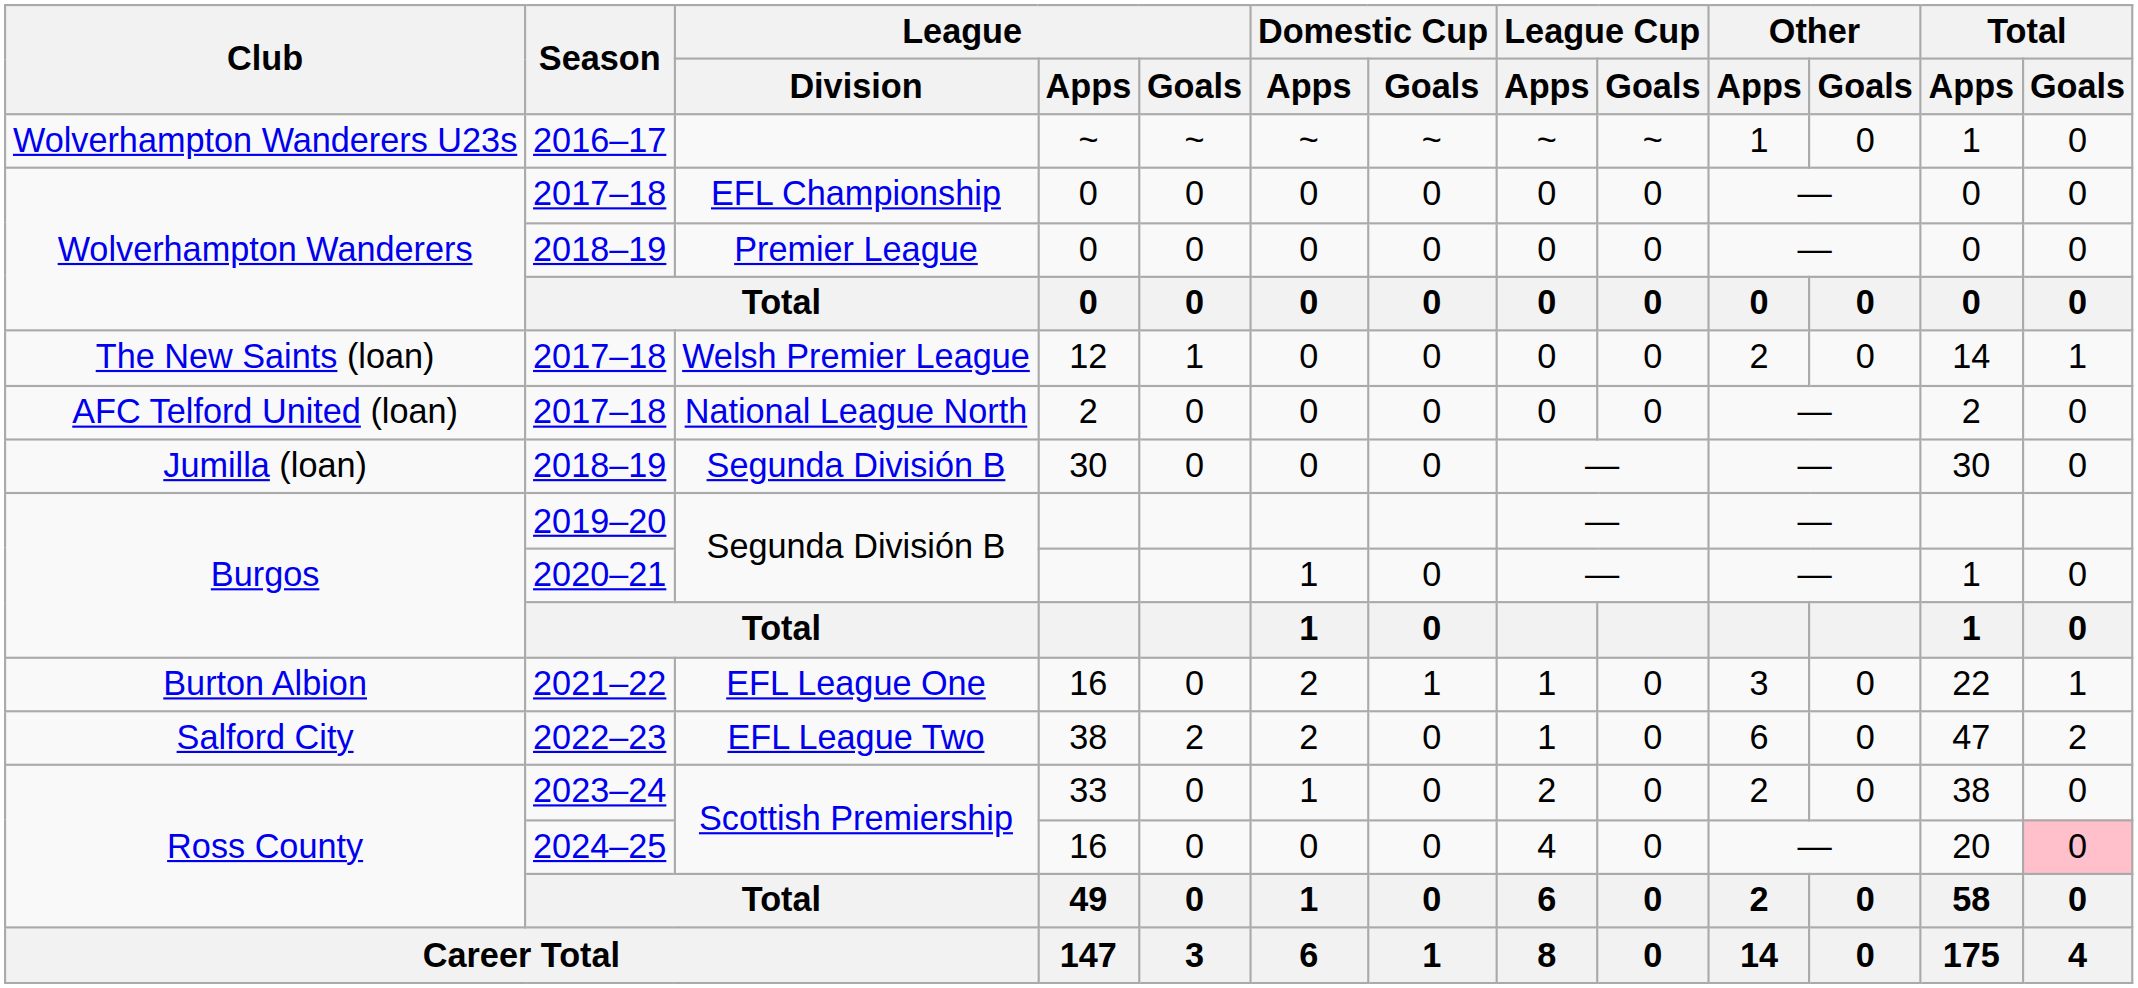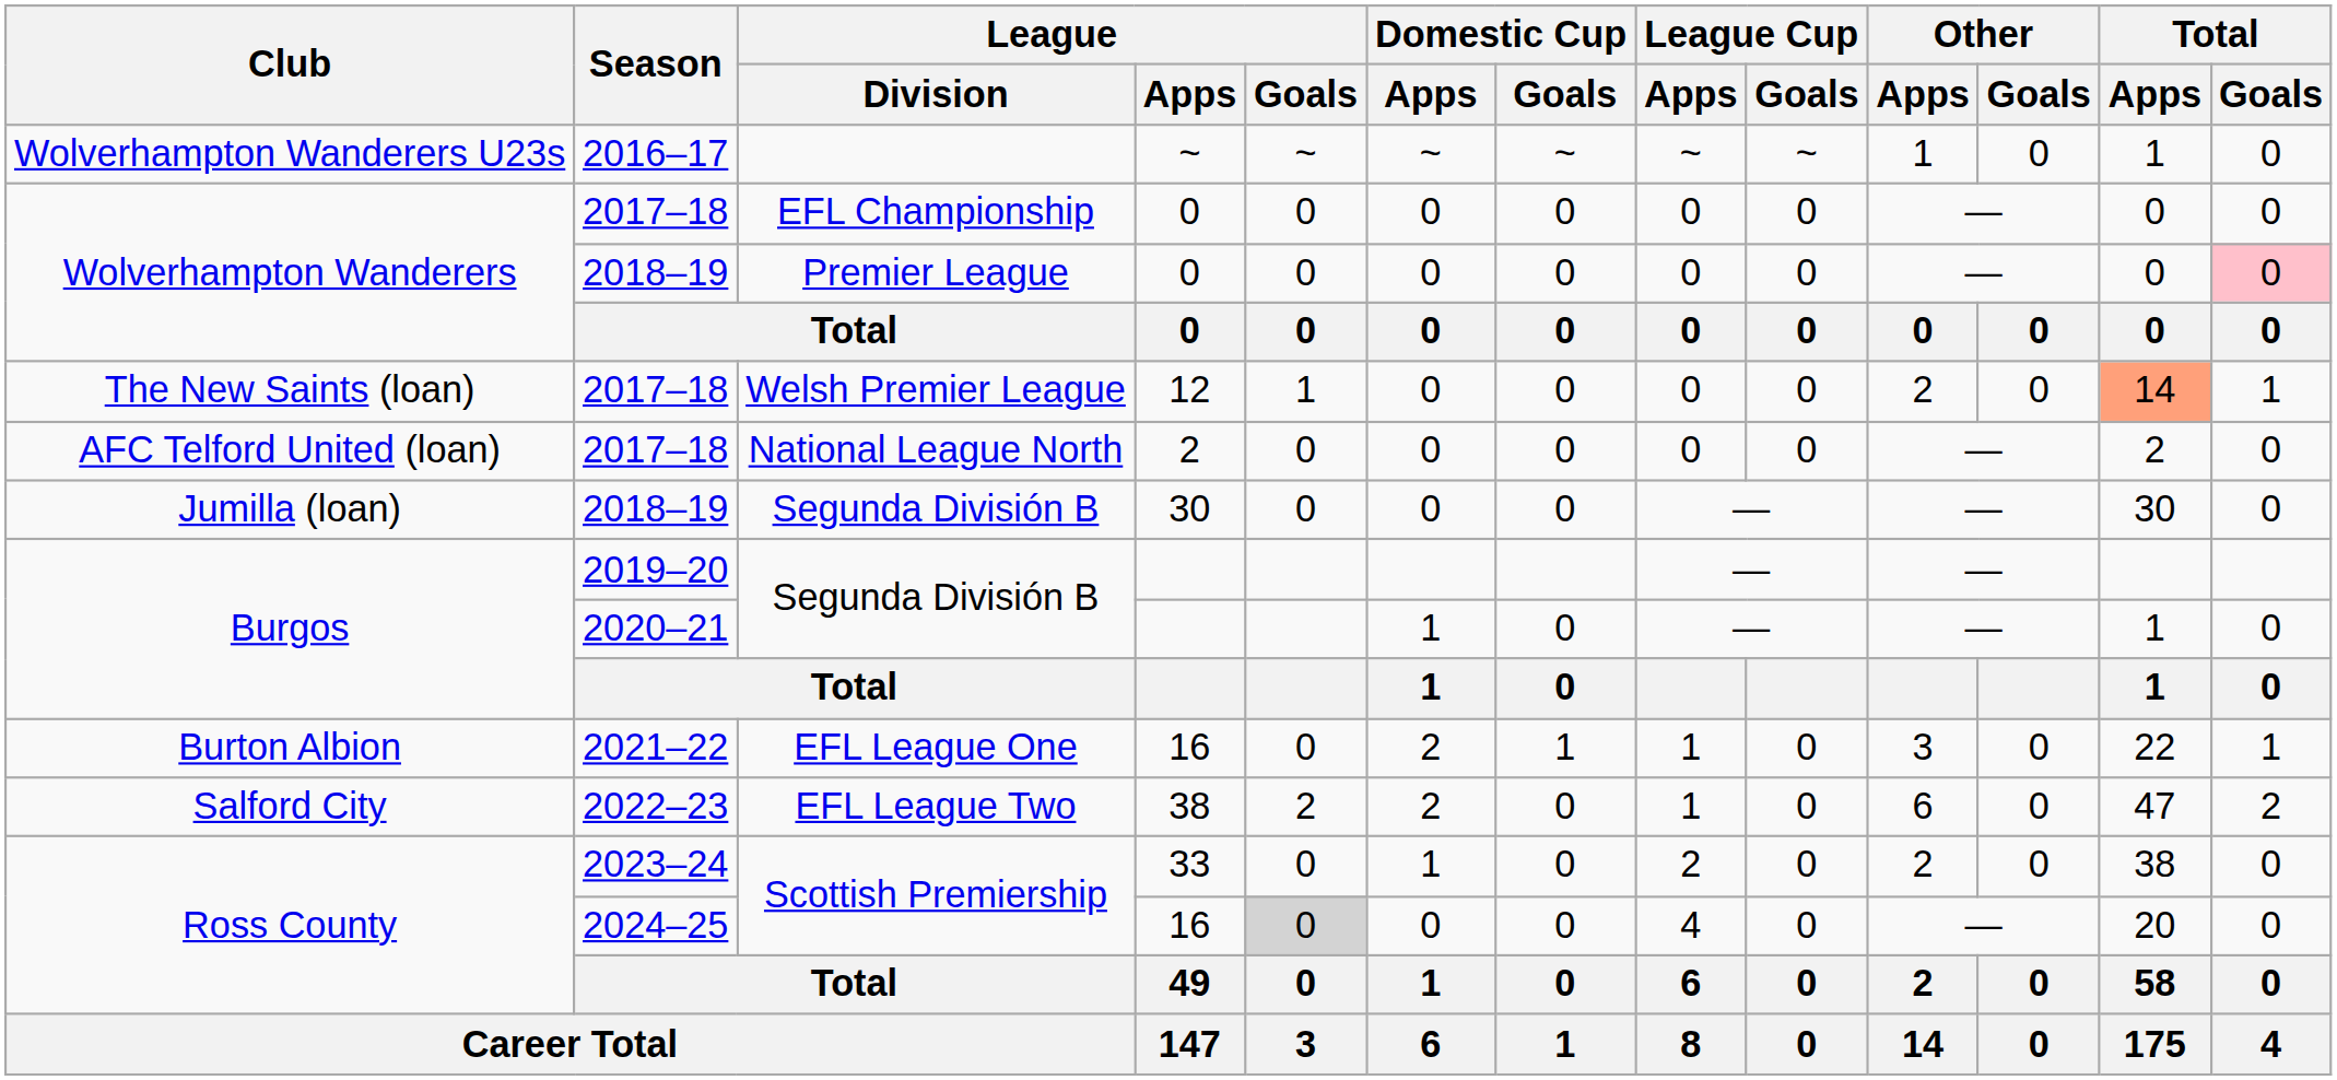 <table class="wikitable" style="text-align: center">
 <tr>
 <th rowspan=2>Club</th>
 <th rowspan=2>Season</th>
 <th colspan=3>League</th>
 <th colspan=2>Domestic Cup</th>
 <th colspan=2>League Cup</th>
 <th colspan=2>Other</th>
 <th colspan=2>Total</th>
 </tr>
 <tr>
 <th>Division</th>
 <th>Apps</th>
 <th>Goals</th>
 <th>Apps</th>
 <th>Goals</th>
 <th>Apps</th>
 <th>Goals</th>
 <th>Apps</th>
 <th>Goals</th>
 <th>Apps</th>
 <th>Goals</th>
 </tr>
 <tr>
 <td><a href='#'>Wolverhampton Wanderers U23s</a></td>
 <td><a href='#'>2016–17</a></td>
 <td></td>
 <td>~</td>
 <td>~</td>
 <td>~</td>
 <td>~</td>
 <td>~</td>
 <td>~</td>
 <td>1</td>
 <td>0</td>
 <td>1</td>
 <td>0</td>
 </tr>
 <tr>
 <td rowspan=3><a href='#'>Wolverhampton Wanderers</a></td>
 <td><a href='#'>2017–18</a></td>
 <td><a href='#'>EFL Championship</a></td>
 <td>0</td>
 <td>0</td>
 <td>0</td>
 <td>0</td>
 <td>0</td>
 <td>0</td>
 <td colspan="2">—</td>
 <td>0</td>
 <td>0</td>
 </tr>
 <tr>
 <td><a href='#'>2018–19</a></td>
 <td><a href='#'>Premier League</a></td>
 <td>0</td>
 <td>0</td>
 <td>0</td>
 <td>0</td>
 <td>0</td>
 <td>0</td>
 <td colspan="2">—</td>
 <td>0</td>
-<td>0</td>
+<td style="background: pink;">0</td>
 </tr>
 <tr>
 <th colspan="2">Total</th>
 <th>0</th>
 <th>0</th>
 <th>0</th>
 <th>0</th>
 <th>0</th>
 <th>0</th>
 <th>0</th>
 <th>0</th>
 <th>0</th>
 <th>0</th>
 </tr>
 <tr>
 <td><a href='#'>The New Saints</a> (loan)</td>
 <td><a href='#'>2017–18</a></td>
 <td><a href='#'>Welsh Premier League</a></td>
 <td>12</td>
 <td>1</td>
 <td>0</td>
 <td>0</td>
 <td>0</td>
 <td>0</td>
 <td>2</td>
 <td>0</td>
-<td>14</td>
+<td style="background: lightsalmon;">14</td>
 <td>1</td>
 </tr>
 <tr>
 <td><a href='#'>AFC Telford United</a> (loan)</td>
 <td><a href='#'>2017–18</a></td>
 <td><a href='#'>National League North</a></td>
 <td>2</td>
 <td>0</td>
 <td>0</td>
 <td>0</td>
 <td>0</td>
 <td>0</td>
 <td colspan="2">—</td>
 <td>2</td>
 <td>0</td>
 </tr>
 <tr>
 <td><a href='#'>Jumilla</a> (loan)</td>
 <td><a href='#'>2018–19</a></td>
 <td><a href='#'>Segunda División B</a></td>
 <td>30</td>
 <td>0</td>
 <td>0</td>
 <td>0</td>
 <td colspan="2">—</td>
 <td colspan="2">—</td>
 <td>30</td>
 <td>0</td>
 </tr>
 <tr>
 <td rowspan=3><a href='#'>Burgos</a></td>
 <td><a href='#'>2019–20</a></td>
 <td rowspan=2>Segunda División B</td>
 <td></td>
 <td></td>
 <td></td>
 <td></td>
 <td colspan="2">—</td>
 <td colspan="2">—</td>
 <td></td>
 <td></td>
 </tr>
 <tr>
 <td><a href='#'>2020–21</a></td>
 <td></td>
 <td></td>
 <td>1</td>
 <td>0</td>
 <td colspan="2">—</td>
 <td colspan="2">—</td>
 <td>1</td>
 <td>0</td>
 </tr>
 <tr>
 <th colspan="2">Total</th>
 <th></th>
 <th></th>
 <th>1</th>
 <th>0</th>
 <th></th>
 <th></th>
 <th></th>
 <th></th>
 <th>1</th>
 <th>0</th>
 </tr>
 <tr>
 <td><a href='#'>Burton Albion</a></td>
 <td><a href='#'>2021–22</a></td>
 <td><a href='#'>EFL League One</a></td>
 <td>16</td>
 <td>0</td>
 <td>2</td>
 <td>1</td>
 <td>1</td>
 <td>0</td>
 <td>3</td>
 <td>0</td>
 <td>22</td>
 <td>1</td>
 </tr>
 <tr>
 <td><a href='#'>Salford City</a></td>
 <td><a href='#'>2022–23</a></td>
 <td><a href='#'>EFL League Two</a></td>
 <td>38</td>
 <td>2</td>
 <td>2</td>
 <td>0</td>
 <td>1</td>
 <td>0</td>
 <td>6</td>
 <td>0</td>
 <td>47</td>
 <td>2</td>
 </tr>
 <tr>
 <td rowspan=3><a href='#'>Ross County</a></td>
 <td><a href='#'>2023–24</a></td>
 <td rowspan=2><a href='#'>Scottish Premiership</a></td>
 <td>33</td>
 <td>0</td>
 <td>1</td>
 <td>0</td>
 <td>2</td>
 <td>0</td>
 <td>2</td>
 <td>0</td>
 <td>38</td>
 <td>0</td>
 </tr>
 <tr>
 <td><a href='#'>2024–25</a></td>
 <td>16</td>
-<td>0</td>
+<td style="background: lightgrey;">0</td>
 <td>0</td>
 <td>0</td>
 <td>4</td>
 <td>0</td>
 <td colspan="2">—</td>
 <td>20</td>
-<td style="background: pink;">0</td>
+<td>0</td>
 </tr>
 <tr>
 <th colspan="2">Total</th>
 <th>49</th>
 <th>0</th>
 <th>1</th>
 <th>0</th>
 <th>6</th>
 <th>0</th>
 <th>2</th>
 <th>0</th>
 <th>58</th>
 <th>0</th>
 </tr>
 <tr>
 <th colspan=3>Career Total</th>
 <th>147</th>
 <th>3</th>
 <th>6</th>
 <th>1</th>
 <th>8</th>
 <th>0</th>
 <th>14</th>
 <th>0</th>
 <th>175</th>
 <th>4</th>
 </tr>
 </table>
